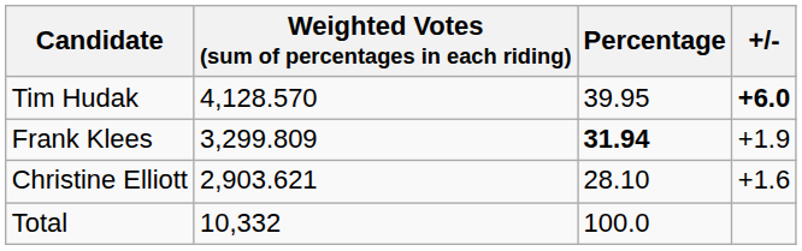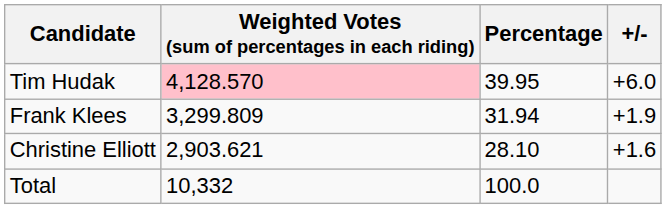 <table class="wikitable">
 <tr>
 <th>Candidate</th>
 <th>Weighted Votes<br><small>(sum of percentages in each riding)</small></th>
 <th>Percentage</th>
 <th>+/-</th>
 </tr>
 <tr>
 <td>Tim Hudak</td>
-<td>4,128.570</td>
+<td style="background: pink;">4,128.570</td>
 <td>39.95</td>
-<td><strong>+6.0</strong></td>
+<td>+6.0</td>
 </tr>
 <tr>
 <td>Frank Klees</td>
 <td>3,299.809</td>
-<td><strong>31.94</strong></td>
+<td>31.94</td>
 <td>+1.9</td>
 </tr>
 <tr>
 <td>Christine Elliott</td>
 <td>2,903.621</td>
 <td>28.10</td>
 <td>+1.6</td>
 </tr>
 <tr>
 <td>Total</td>
 <td>10,332</td>
 <td>100.0</td>
 </tr>
 </table>
